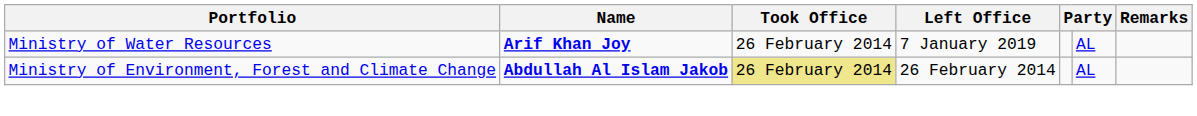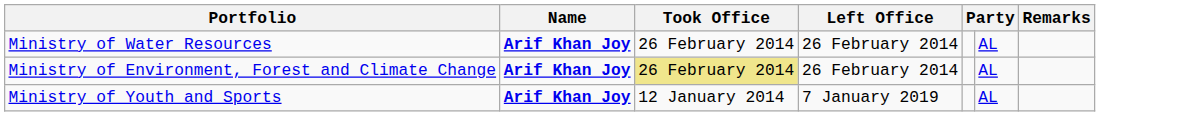 <table class="wikitable sortable">
 <tr>
 <th>Portfolio</th>
 <th>Name</th>
 <th>Took Office</th>
 <th>Left Office</th>
 <th colspan="2">Party</th>
 <th>Remarks</th>
 </tr>
 <tr>
 <td><a href='#'>Ministry of Water Resources</a></td>
 <td><strong><a href='#'>Arif Khan Joy</a></strong></td>
 <td>26 February 2014</td>
-<td>7 January 2019</td>
+<td>26 February 2014</td>
 <td style="background-color:"></td>
 <td><a href='#'>AL</a></td>
 <td></td>
 </tr>
 <tr>
 <td><a href='#'>Ministry of Environment, Forest and Climate Change</a></td>
-<td><strong><a href='#'>Abdullah Al Islam Jakob</a></strong></td>
+<td><strong><a href='#'>Arif Khan Joy</a></strong></td>
 <td style="background: khaki;">26 February 2014</td>
 <td>26 February 2014</td>
 <td style="background-color:"></td>
 <td><a href='#'>AL</a></td>
 <td></td>
 </tr>
+<tr>
+<td><a href='#'>Ministry of Youth and Sports</a></td>
+<td><strong><a href='#'>Arif Khan Joy</a></strong></td>
+<td>12 January 2014</td>
+<td>7 January 2019</td>
+<td style="background-color:"></td>
+<td><a href='#'>AL</a></td>
+<td></td>
+</tr>
 </table>
